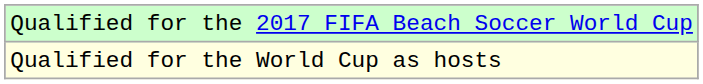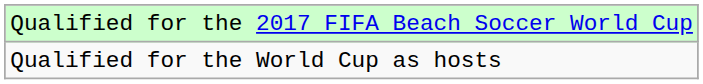 <table class="wikitable">
 <tr bgcolor="#ccffcc">
 <td>Qualified for the <a href='#'>2017 FIFA Beach Soccer World Cup</a></td>
 </tr>
 <tr>
-<td style="background: lightyellow;"> Qualified for the World Cup as hosts</td>
+<td> Qualified for the World Cup as hosts</td>
 </tr>
 </table>
